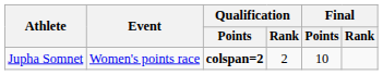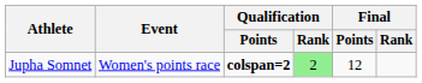 <table class="wikitable" style="font-size:90%;">
 <tr>
 <th rowspan=2>Athlete</th>
 <th rowspan=2>Event</th>
 <th colspan=2>Qualification</th>
 <th colspan=2>Final</th>
 </tr>
 <tr style="font-size:95%">
 <th>Points</th>
 <th>Rank</th>
 <th>Points</th>
 <th>Rank</th>
 </tr>
 <tr align=center>
 <td align=left><a href='#'>Jupha Somnet</a></td>
 <td align=left><a href='#'>Women's points race</a></td>
 <td><strong>colspan=2 </strong></td>
-<td>2</td>
-<td>10</td>
+<td style="background: lightgreen;">2</td>
+<td>12</td>
 </tr>
 </table>
